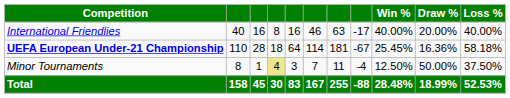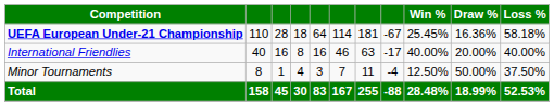 <table class="wikitable sortable" style="text-align:center">
 <tr>
 <th style="background-color:#008000; color:white; ">Competition</th>
 <th style="background-color:#008000; color:white; "></th>
 <th style="background-color:#008000; color:white; "></th>
 <th style="background-color:#008000; color:white; "></th>
 <th style="background-color:#008000; color:white; "></th>
 <th style="background-color:#008000; color:white; "></th>
 <th style="background-color:#008000; color:white; "></th>
 <th style="background-color:#008000; color:white; "></th>
 <th style="background-color:#008000; color:white; ">Win %</th>
 <th style="background-color:#008000; color:white; ">Draw %</th>
 <th style="background-color:#008000; color:white; ">Loss %</th>
 </tr>
 <tr>
+<td style="text-align:left;"><strong><a href='#'>UEFA European Under-21 Championship</a></strong></td>
+<td>110</td>
+<td>28</td>
+<td>18</td>
+<td>64</td>
+<td>114</td>
+<td>181</td>
+<td>-67</td>
+<td>25.45%</td>
+<td>16.36%</td>
+<td>58.18%</td>
+</tr>
+<tr>
 <td style="text-align:left;"><em><a href='#'>International Friendlies</a></em></td>
 <td>40</td>
 <td>16</td>
 <td>8</td>
 <td>16</td>
 <td>46</td>
 <td>63</td>
 <td>-17</td>
 <td>40.00%</td>
 <td>20.00%</td>
 <td>40.00%</td>
 </tr>
 <tr>
-<td style="text-align:left;"><strong><a href='#'>UEFA European Under-21 Championship</a></strong></td>
-<td>110</td>
-<td>28</td>
-<td>18</td>
-<td>64</td>
-<td>114</td>
-<td>181</td>
-<td>-67</td>
-<td>25.45%</td>
-<td>16.36%</td>
-<td>58.18%</td>
-</tr>
-<tr>
 <td style="text-align:left;"><em>Minor Tournaments</em></td>
 <td>8</td>
 <td>1</td>
-<td style="background: khaki;">4</td>
+<td>4</td>
 <td>3</td>
 <td>7</td>
 <td>11</td>
 <td>-4</td>
 <td>12.50%</td>
 <td>50.00%</td>
 <td>37.50%</td>
 </tr>
 <tr class="sortbottom">
 <th style="background-color:#008000; text-align:left; color:white; "><strong>Total</strong></th>
 <th style="background-color:#008000; color:white; "><strong>158</strong></th>
 <th style="background-color:#008000; color:white; "><strong>45</strong></th>
 <th style="background-color:#008000; color:white; "><strong>30</strong></th>
 <th style="background-color:#008000; color:white; "><strong>83</strong></th>
 <th style="background-color:#008000; color:white; "><strong>167</strong></th>
 <th style="background-color:#008000; color:white; "><strong>255</strong></th>
 <th style="background-color:#008000; color:white; "><strong>-88</strong></th>
 <th style="background-color:#008000; color:white; "><strong>28.48%</strong></th>
 <th style="background-color:#008000; color:white; "><strong>18.99%</strong></th>
 <th style="background-color:#008000; color:white; "><strong>52.53%</strong></th>
 </tr>
 <tr>
 </tr>
 </table>
